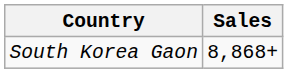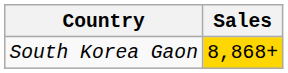 <table class="wikitable">
 <tr>
 <th>Country</th>
 <th>Sales</th>
 </tr>
 <tr>
 <td><em>South Korea Gaon</em></td>
-<td style="text-align:center;">8,868+</td>
+<td style="background: gold; text-align:center;">8,868+</td>
 </tr>
 </table>
